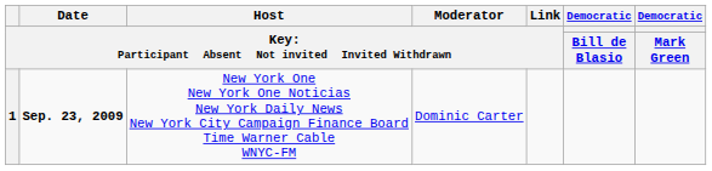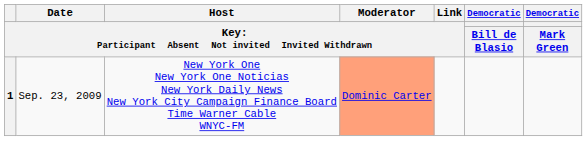 <table class="wikitable" style="text-align:center;">
 <tr>
 <th scope="col"></th>
 <th scope="col">Date</th>
 <th scope="col">Host</th>
 <th scope="col">Moderator</th>
 <th scope="col">Link</th>
 <th scope="col"><small><a href='#'>Democratic</a></small></th>
 <th scope="col"><small><a href='#'>Democratic</a></small></th>
 </tr>
 <tr>
 <th colspan="5" rowspan="2">Key:<br> <small>Participant </small>  <small>Absent </small>  <small>Not invited </small>  <small>Invited  Withdrawn</small></th>
 <th scope="col" style="background:"></th>
 <th scope="col" style="background:"></th>
 </tr>
 <tr>
 <th scope="col"><a href='#'>Bill de Blasio</a></th>
 <th scope="col"><a href='#'>Mark Green</a></th>
 </tr>
 <tr>
 <th>1</th>
-<td style="white-space:nowrap;"><strong>Sep. 23, 2009</strong></td>
+<td style="white-space:nowrap;">Sep. 23, 2009</td>
 <td style="white-space:nowrap;"><a href='#'>New York One</a><br><a href='#'>New York One Noticias</a><br><a href='#'>New York Daily News</a><br><a href='#'>New York City Campaign Finance Board</a><br><a href='#'>Time Warner Cable</a><br><a href='#'>WNYC-FM</a></td>
-<td style="white-space:nowrap;"><a href='#'>Dominic Carter</a></td>
+<td style="background: lightsalmon; white-space:nowrap;"><a href='#'>Dominic Carter</a></td>
 <td style="white-space:nowrap;"></td>
 <td></td>
 <td></td>
 </tr>
 </table>
